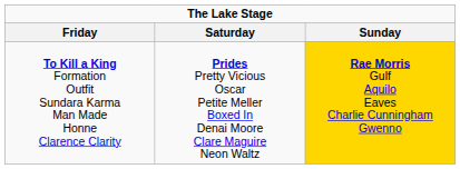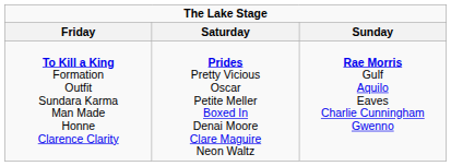 <table class="wikitable">
 <tr>
 <td colspan="3" align="center"><strong>The Lake Stage</strong></td>
 </tr>
 <tr>
 <th>Friday</th>
 <th>Saturday</th>
 <th>Sunday</th>
 </tr>
 <tr>
 <td valign="top" align="center" width=200><br><strong><a href='#'>To Kill a King</a></strong> <br>Formation <br>Outfit <br>Sundara Karma <br>Man Made <br>Honne <br><a href='#'>Clarence Clarity</a></td>
 <td valign="top" align="center" width=200><br><strong><a href='#'>Prides</a></strong> <br>Pretty Vicious <br>Oscar <br>Petite Meller <br><a href='#'>Boxed In</a> <br>Denai Moore <br><a href='#'>Clare Maguire</a> <br>Neon Waltz</td>
-<td valign="top" align="center" width=200 style="background: gold;"><br><strong><a href='#'>Rae Morris</a></strong> <br>Gulf <br><a href='#'>Aquilo</a> <br>Eaves <br><a href='#'>Charlie Cunningham</a> <br><a href='#'>Gwenno</a></td>
+<td valign="top" align="center" width=200><br><strong><a href='#'>Rae Morris</a></strong> <br>Gulf <br><a href='#'>Aquilo</a> <br>Eaves <br><a href='#'>Charlie Cunningham</a> <br><a href='#'>Gwenno</a></td>
 </tr>
 </table>
